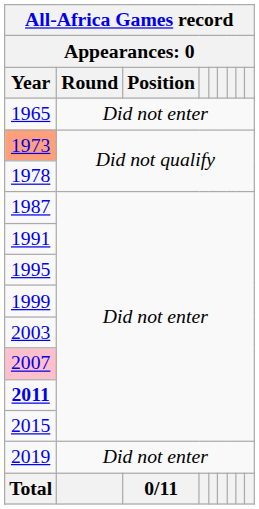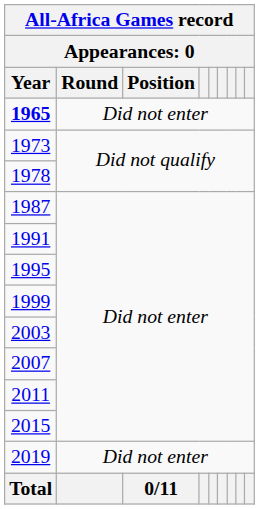 <table class="wikitable" style="text-align: center;">
 <tr>
 <th colspan=9><a href='#'>All-Africa Games</a> record</th>
 </tr>
 <tr>
 <th colspan=9>Appearances: 0</th>
 </tr>
 <tr>
 <th>Year</th>
 <th>Round</th>
 <th>Position</th>
 <th></th>
 <th></th>
 <th></th>
 <th></th>
 <th></th>
 <th></th>
 </tr>
 <tr>
-<td> <a href='#'>1965</a></td>
+<td><strong> <a href='#'>1965</a></strong></td>
 <td colspan=8><em>Did not enter</em></td>
 </tr>
 <tr>
-<td style="background: lightsalmon;"> <a href='#'>1973</a></td>
+<td> <a href='#'>1973</a></td>
 <td colspan=8 rowspan=2><em>Did not qualify</em></td>
 </tr>
 <tr>
 <td> <a href='#'>1978</a></td>
 </tr>
 <tr>
 <td> <a href='#'>1987</a></td>
 <td colspan=8 rowspan=8><em>Did not enter</em></td>
 </tr>
 <tr>
 <td> <a href='#'>1991</a></td>
 </tr>
 <tr>
 <td> <a href='#'>1995</a></td>
 </tr>
 <tr>
 <td> <a href='#'>1999</a></td>
 </tr>
 <tr>
 <td> <a href='#'>2003</a></td>
 </tr>
 <tr>
-<td style="background: pink;"> <a href='#'>2007</a></td>
+<td> <a href='#'>2007</a></td>
 </tr>
 <tr>
-<td><strong> <a href='#'>2011</a></strong></td>
+<td> <a href='#'>2011</a></td>
 </tr>
 <tr>
 <td> <a href='#'>2015</a></td>
 </tr>
 <tr>
 <td> <a href='#'>2019</a></td>
 <td colspan=8><em>Did not enter</em></td>
 </tr>
 <tr>
 <th>Total</th>
 <th></th>
 <th>0/11</th>
 <th></th>
 <th></th>
 <th></th>
 <th></th>
 <th></th>
 <th></th>
 </tr>
 </table>
